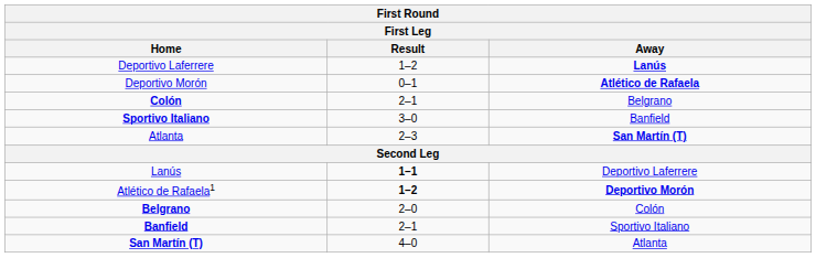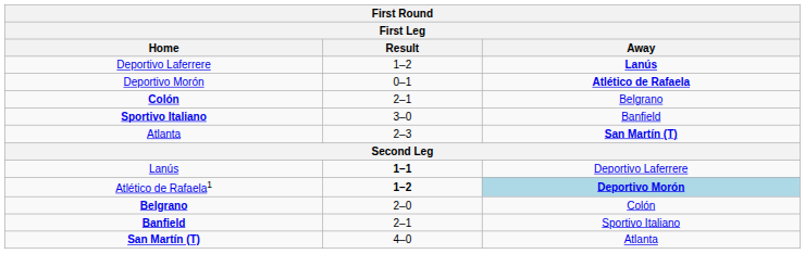 <table align=center class="wikitable collapsible collapsed" style="font-size:95%; text-align: center; width: 70%;">
 <tr>
 <th colspan=100% style="with: 100%;" align=center>First Round</th>
 </tr>
 <tr>
 <th colspan=100% style="with: 75%;" align=center>First Leg</th>
 </tr>
 <tr>
 <th width=30%>Home</th>
 <th width=15%>Result</th>
 <th width=30%>Away</th>
 </tr>
 <tr align=center>
 <td><a href='#'>Deportivo Laferrere</a></td>
 <td>1–2</td>
 <td><strong><a href='#'>Lanús</a></strong></td>
 </tr>
 <tr align=center>
 <td><a href='#'>Deportivo Morón</a></td>
 <td>0–1</td>
 <td><strong><a href='#'>Atlético de Rafaela</a></strong></td>
 </tr>
 <tr align=center>
 <td><strong><a href='#'>Colón</a></strong></td>
 <td>2–1</td>
 <td><a href='#'>Belgrano</a></td>
 </tr>
 <tr align=center>
 <td><strong><a href='#'>Sportivo Italiano</a></strong></td>
 <td>3–0</td>
 <td><a href='#'>Banfield</a></td>
 </tr>
 <tr align=center>
 <td><a href='#'>Atlanta</a></td>
 <td>2–3</td>
 <td><strong><a href='#'>San Martín (T)</a></strong></td>
 </tr>
 <tr>
 <th colspan=100% style="with: 75%;" align=center>Second Leg</th>
 </tr>
 <tr align=center>
 <td><a href='#'>Lanús</a></td>
 <td><strong>1–1</strong></td>
 <td><a href='#'>Deportivo Laferrere</a></td>
 </tr>
 <tr align=center>
 <td><a href='#'>Atlético de Rafaela</a><sup>1</sup></td>
 <td><strong>1–2</strong></td>
-<td><strong><a href='#'>Deportivo Morón</a></strong></td>
+<td style="background: lightblue;"><strong><a href='#'>Deportivo Morón</a></strong></td>
 </tr>
 <tr align=center>
 <td><strong><a href='#'>Belgrano</a></strong></td>
 <td>2–0</td>
 <td><a href='#'>Colón</a></td>
 </tr>
 <tr align=center>
 <td><strong><a href='#'>Banfield</a> </strong></td>
 <td>2–1</td>
 <td><a href='#'>Sportivo Italiano</a></td>
 </tr>
 <tr align=center>
 <td><strong><a href='#'>San Martín (T)</a></strong></td>
 <td>4–0</td>
 <td><a href='#'>Atlanta</a></td>
 </tr>
 </table>
